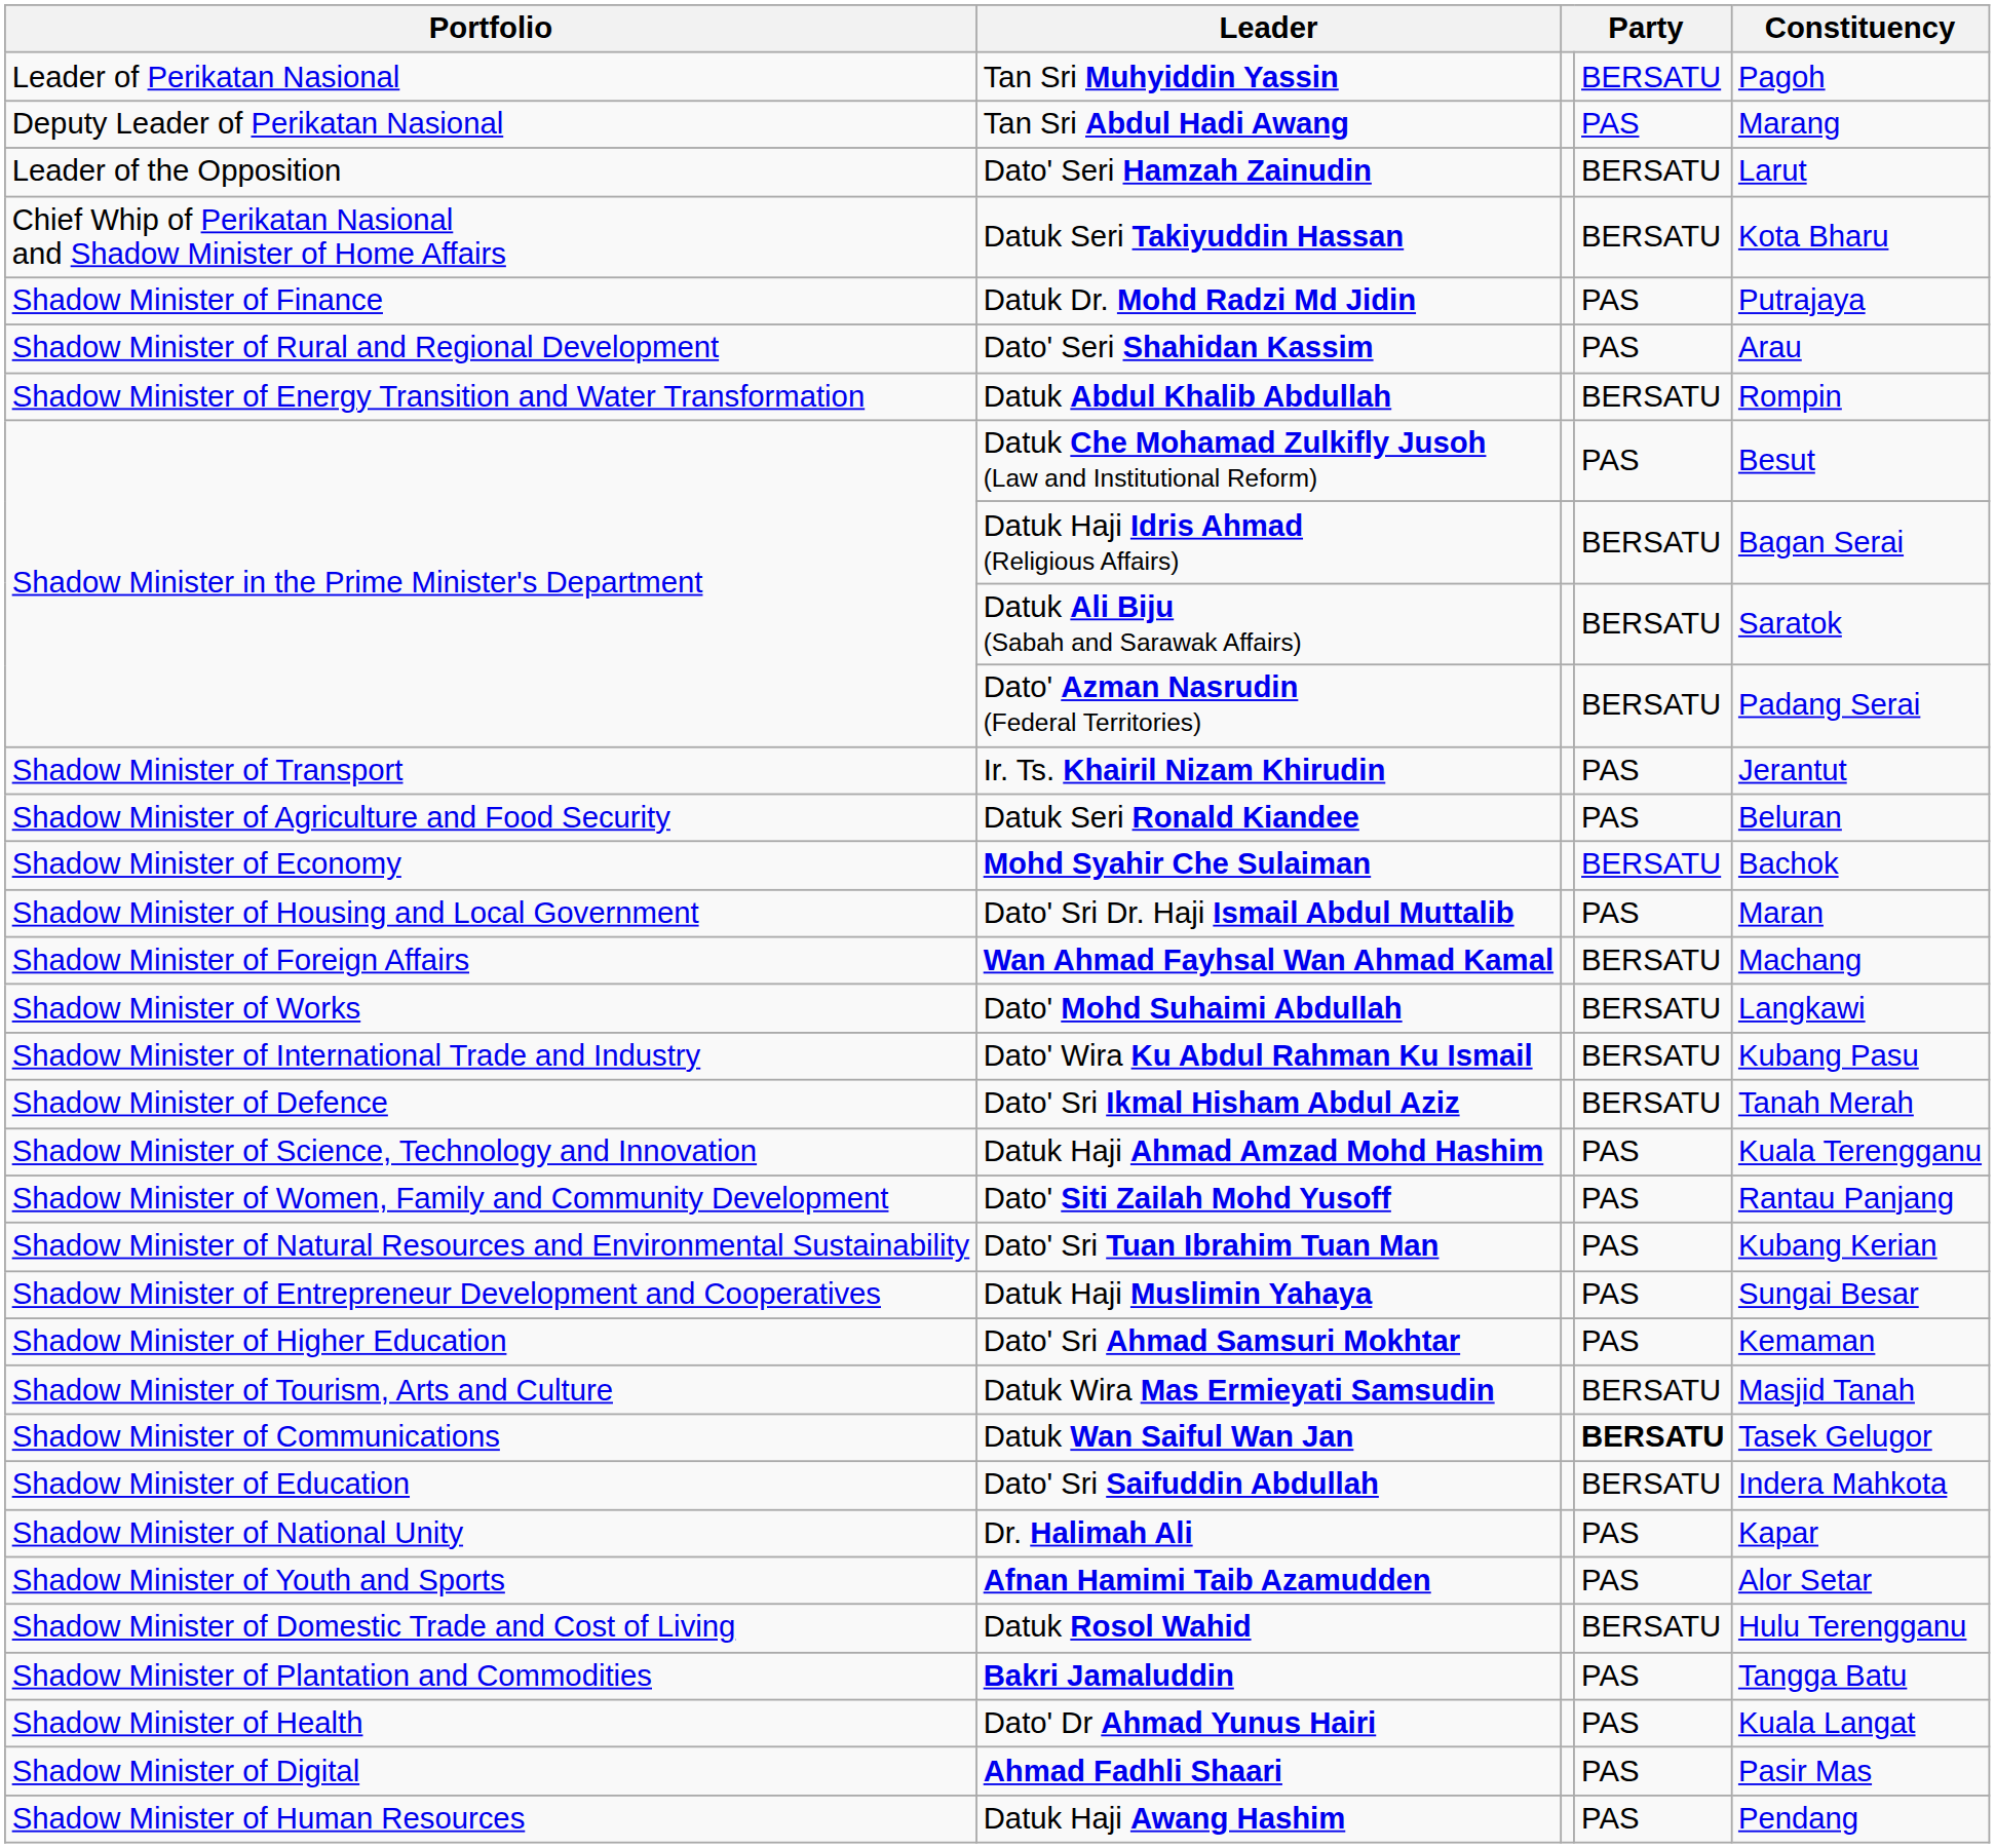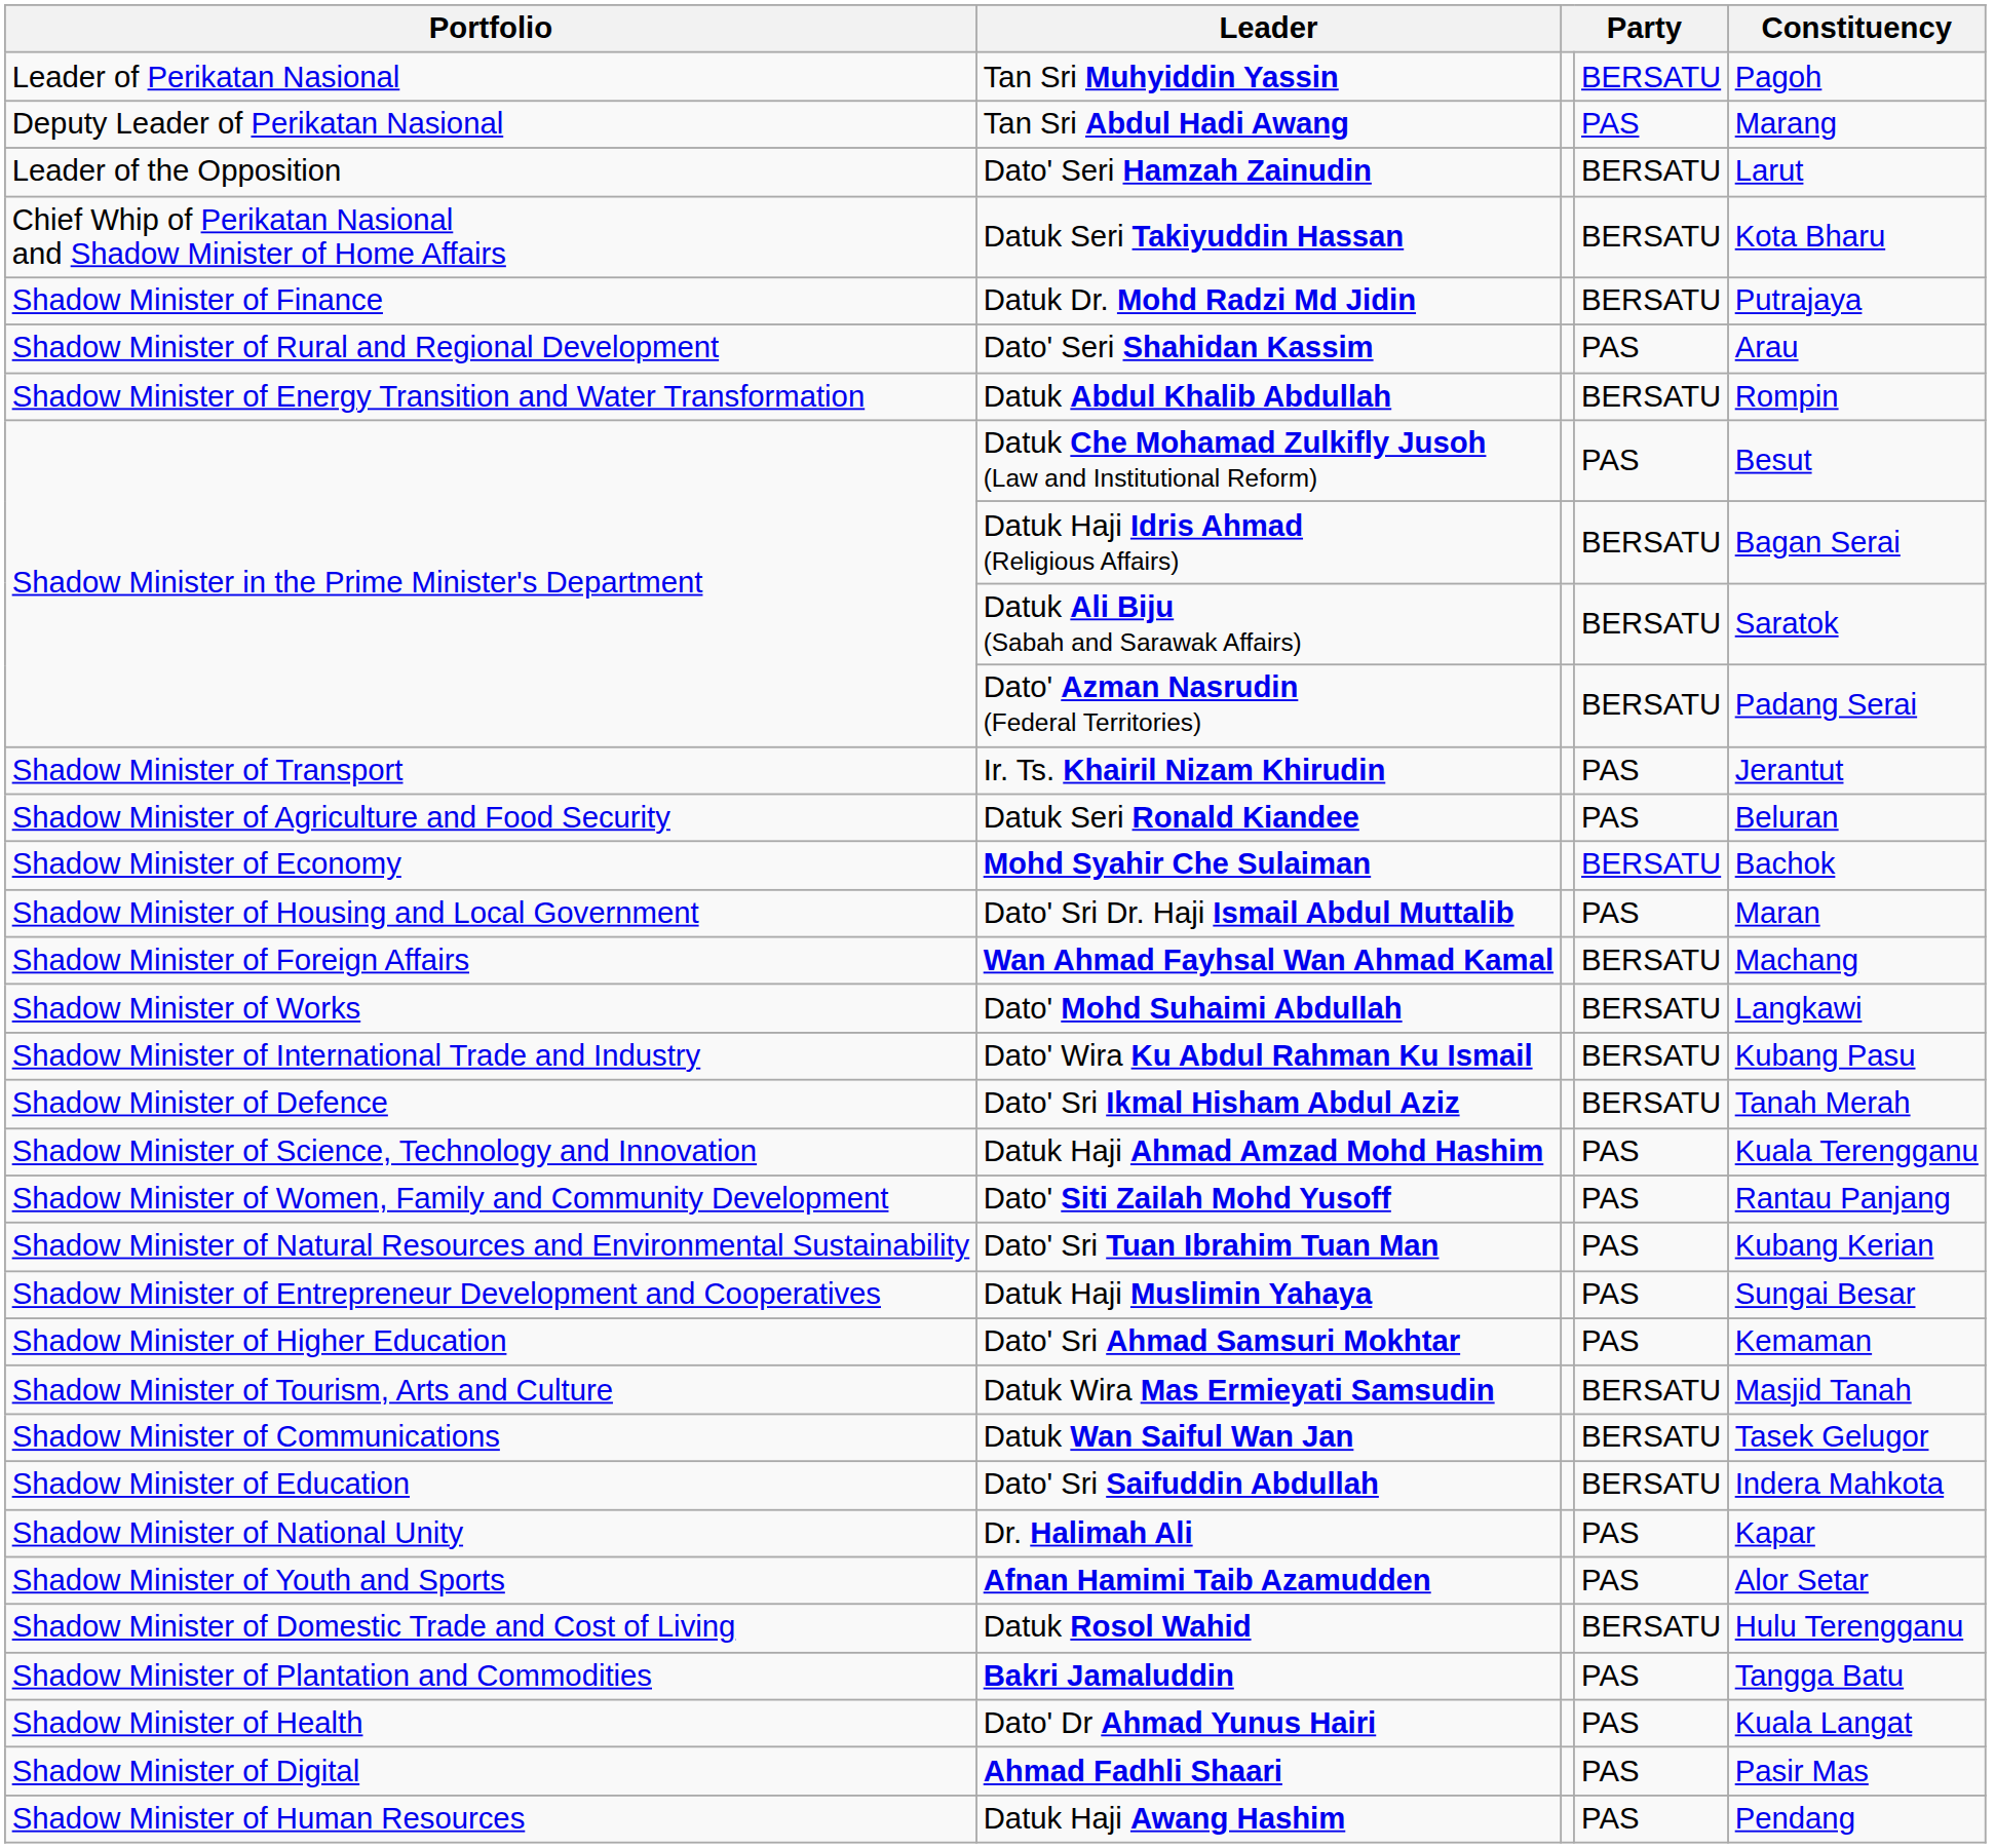 <table class="sortable wikitable">
 <tr>
 <th>Portfolio</th>
 <th>Leader</th>
 <th colspan=2>Party</th>
 <th>Constituency</th>
 </tr>
 <tr>
 <td>Leader of <a href='#'>Perikatan Nasional</a></td>
 <td>Tan Sri <strong><a href='#'>Muhyiddin Yassin</a></strong> </td>
 <td style="background:"></td>
 <td><a href='#'>BERSATU</a></td>
 <td><a href='#'>Pagoh</a></td>
 </tr>
 <tr>
 <td>Deputy Leader of <a href='#'>Perikatan Nasional</a></td>
 <td>Tan Sri <strong><a href='#'>Abdul Hadi Awang</a></strong> </td>
 <td style="background:"></td>
 <td><a href='#'>PAS</a></td>
 <td><a href='#'>Marang</a></td>
 </tr>
 <tr>
 <td>Leader of the Opposition</td>
 <td>Dato' Seri <strong><a href='#'>Hamzah Zainudin</a></strong> </td>
 <td style="background:"></td>
 <td>BERSATU</td>
 <td><a href='#'>Larut</a></td>
 </tr>
 <tr>
 <td>Chief Whip of <a href='#'>Perikatan Nasional</a> <br> and <a href='#'>Shadow Minister of Home Affairs</a></td>
 <td>Datuk Seri <strong><a href='#'>Takiyuddin Hassan</a></strong> </td>
 <td style="background:"></td>
 <td>BERSATU</td>
 <td><a href='#'>Kota Bharu</a></td>
 </tr>
 <tr>
 <td><a href='#'>Shadow Minister of Finance</a></td>
 <td>Datuk Dr. <strong><a href='#'>Mohd Radzi Md Jidin</a></strong> </td>
 <td style="background:"></td>
-<td>PAS</td>
+<td>BERSATU</td>
 <td><a href='#'>Putrajaya</a></td>
 </tr>
 <tr>
 <td><a href='#'>Shadow Minister of Rural and Regional Development</a></td>
 <td>Dato' Seri <strong><a href='#'>Shahidan Kassim</a></strong> </td>
 <td style="background:"></td>
 <td>PAS</td>
 <td><a href='#'>Arau</a></td>
 </tr>
 <tr>
 <td><a href='#'>Shadow Minister of Energy Transition and Water Transformation</a></td>
 <td>Datuk <strong><a href='#'>Abdul Khalib Abdullah</a></strong> </td>
 <td style="background:"></td>
 <td>BERSATU</td>
 <td><a href='#'>Rompin</a></td>
 </tr>
 <tr>
 <td rowspan="4"><a href='#'>Shadow Minister in the Prime Minister's Department</a></td>
 <td>Datuk <strong><a href='#'>Che Mohamad Zulkifly Jusoh</a></strong> <br><small>(Law and Institutional Reform)</small></td>
 <td style="background:"></td>
 <td>PAS</td>
 <td><a href='#'>Besut</a></td>
 </tr>
 <tr>
 <td>Datuk Haji <a href='#'><strong>Idris Ahmad</strong></a> <br><small>(Religious Affairs)</small></td>
 <td style="background:"></td>
 <td>BERSATU</td>
 <td><a href='#'>Bagan Serai</a></td>
 </tr>
 <tr>
 <td>Datuk <strong><a href='#'>Ali Biju</a></strong> <br><small>(Sabah and Sarawak Affairs)</small></td>
 <td style="background:"></td>
 <td>BERSATU</td>
 <td><a href='#'>Saratok</a></td>
 </tr>
 <tr>
 <td>Dato' <strong><a href='#'>Azman Nasrudin</a></strong> <br><small>(Federal Territories)</small></td>
 <td style="background:"></td>
 <td>BERSATU</td>
 <td><a href='#'>Padang Serai</a></td>
 </tr>
 <tr>
 <td><a href='#'>Shadow Minister of Transport</a></td>
 <td>Ir. Ts. <strong><a href='#'>Khairil Nizam Khirudin</a></strong> </td>
 <td style="background:"></td>
 <td>PAS</td>
 <td><a href='#'>Jerantut</a></td>
 </tr>
 <tr>
 <td><a href='#'>Shadow Minister of Agriculture and Food Security</a></td>
 <td>Datuk Seri <strong><a href='#'>Ronald Kiandee</a></strong> </td>
 <td style="background:"></td>
 <td>PAS</td>
 <td><a href='#'>Beluran</a></td>
 </tr>
 <tr>
 <td><a href='#'>Shadow Minister of Economy</a></td>
 <td><strong><a href='#'>Mohd Syahir Che Sulaiman</a></strong> </td>
 <td style="background:"></td>
 <td><a href='#'>BERSATU</a></td>
 <td><a href='#'>Bachok</a></td>
 </tr>
 <tr>
 <td><a href='#'>Shadow Minister of Housing and Local Government</a></td>
 <td>Dato' Sri Dr. Haji <strong><a href='#'>Ismail Abdul Muttalib</a></strong> </td>
 <td style="background:"></td>
 <td>PAS</td>
 <td><a href='#'>Maran</a></td>
 </tr>
 <tr>
 <td><a href='#'>Shadow Minister of Foreign Affairs</a></td>
 <td><strong><a href='#'>Wan Ahmad Fayhsal Wan Ahmad Kamal</a></strong> </td>
 <td style="background:"></td>
 <td>BERSATU</td>
 <td><a href='#'>Machang</a></td>
 </tr>
 <tr>
 <td><a href='#'>Shadow Minister of Works</a></td>
 <td>Dato' <strong><a href='#'>Mohd Suhaimi Abdullah</a></strong> </td>
 <td style="background:"></td>
 <td>BERSATU</td>
 <td><a href='#'>Langkawi</a></td>
 </tr>
 <tr>
 <td><a href='#'>Shadow Minister of International Trade and Industry</a></td>
 <td>Dato' Wira <strong><a href='#'>Ku Abdul Rahman Ku Ismail</a></strong> </td>
 <td style="background:"></td>
 <td>BERSATU</td>
 <td><a href='#'>Kubang Pasu</a></td>
 </tr>
 <tr>
 <td><a href='#'>Shadow Minister of Defence</a></td>
 <td>Dato' Sri <strong><a href='#'>Ikmal Hisham Abdul Aziz</a></strong> </td>
 <td style="background:"></td>
 <td>BERSATU</td>
 <td><a href='#'>Tanah Merah</a></td>
 </tr>
 <tr>
 <td><a href='#'>Shadow Minister of Science, Technology and Innovation</a></td>
 <td>Datuk Haji <a href='#'><strong>Ahmad Amzad Mohd Hashim</strong></a> </td>
 <td style="background:"></td>
 <td>PAS</td>
 <td><a href='#'>Kuala Terengganu</a></td>
 </tr>
 <tr>
 <td><a href='#'>Shadow Minister of Women, Family and Community Development</a></td>
 <td>Dato' <strong><a href='#'>Siti Zailah Mohd Yusoff</a></strong> </td>
 <td style="background:"></td>
 <td>PAS</td>
 <td><a href='#'>Rantau Panjang</a></td>
 </tr>
 <tr>
 <td><a href='#'>Shadow Minister of Natural Resources and Environmental Sustainability</a></td>
 <td>Dato' Sri <strong><a href='#'>Tuan Ibrahim Tuan Man</a></strong>  <strong></strong></td>
 <td style="background:"></td>
 <td>PAS</td>
 <td><a href='#'>Kubang Kerian</a></td>
 </tr>
 <tr>
 <td><a href='#'>Shadow Minister of Entrepreneur Development and Cooperatives</a></td>
 <td>Datuk Haji <strong><a href='#'>Muslimin Yahaya</a></strong> </td>
 <td style="background:"></td>
 <td>PAS</td>
 <td><a href='#'>Sungai Besar</a></td>
 </tr>
 <tr>
 <td><a href='#'>Shadow Minister of Higher Education</a></td>
 <td>Dato' Sri <strong><a href='#'>Ahmad Samsuri Mokhtar</a></strong>  <strong></strong></td>
 <td style="background:"></td>
 <td>PAS</td>
 <td><a href='#'>Kemaman</a></td>
 </tr>
 <tr>
 <td><a href='#'>Shadow Minister of Tourism, Arts and Culture</a></td>
 <td>Datuk Wira <strong><a href='#'>Mas Ermieyati Samsudin</a></strong> </td>
 <td style="background:"></td>
 <td>BERSATU</td>
 <td><a href='#'>Masjid Tanah</a></td>
 </tr>
 <tr>
 <td><a href='#'>Shadow Minister of Communications</a></td>
 <td>Datuk <strong><a href='#'>Wan Saiful Wan Jan</a></strong> </td>
 <td style="background:"></td>
-<td><strong>BERSATU</strong></td>
+<td>BERSATU</td>
 <td><a href='#'>Tasek Gelugor</a></td>
 </tr>
 <tr>
 <td><a href='#'>Shadow Minister of Education</a></td>
 <td>Dato' Sri <strong><a href='#'>Saifuddin Abdullah</a></strong> </td>
 <td style="background:"></td>
 <td>BERSATU</td>
 <td><a href='#'>Indera Mahkota</a></td>
 </tr>
 <tr>
 <td><a href='#'>Shadow Minister of National Unity</a></td>
 <td>Dr. <strong><a href='#'>Halimah Ali</a></strong> </td>
 <td style="background:"></td>
 <td>PAS</td>
 <td><a href='#'>Kapar</a></td>
 </tr>
 <tr>
 <td><a href='#'>Shadow Minister of Youth and Sports</a></td>
 <td><strong><a href='#'>Afnan Hamimi Taib Azamudden</a></strong> </td>
 <td style="background:"></td>
 <td>PAS</td>
 <td><a href='#'>Alor Setar</a></td>
 </tr>
 <tr>
 <td><a href='#'>Shadow Minister of Domestic Trade and Cost of Living</a></td>
 <td>Datuk <strong><a href='#'>Rosol Wahid</a></strong> </td>
 <td style="background:"></td>
 <td>BERSATU</td>
 <td><a href='#'>Hulu Terengganu</a></td>
 </tr>
 <tr>
 <td><a href='#'>Shadow Minister of Plantation and Commodities</a></td>
 <td><strong><a href='#'>Bakri Jamaluddin</a></strong> </td>
 <td style="background:"></td>
 <td>PAS</td>
 <td><a href='#'>Tangga Batu</a></td>
 </tr>
 <tr>
 <td><a href='#'>Shadow Minister of Health</a></td>
 <td>Dato' Dr <strong><a href='#'>Ahmad Yunus Hairi</a></strong>  <strong></strong></td>
 <td style="background:"></td>
 <td>PAS</td>
 <td><a href='#'>Kuala Langat</a></td>
 </tr>
 <tr>
 <td><a href='#'>Shadow Minister of Digital</a></td>
 <td><strong><a href='#'>Ahmad Fadhli Shaari</a></strong> </td>
 <td style="background:"></td>
 <td>PAS</td>
 <td><a href='#'>Pasir Mas</a></td>
 </tr>
 <tr>
 <td><a href='#'>Shadow Minister of Human Resources</a></td>
 <td>Datuk Haji <strong><a href='#'>Awang Hashim</a></strong> </td>
 <td style="background:"></td>
 <td>PAS</td>
 <td><a href='#'>Pendang</a></td>
 </tr>
 </table>
